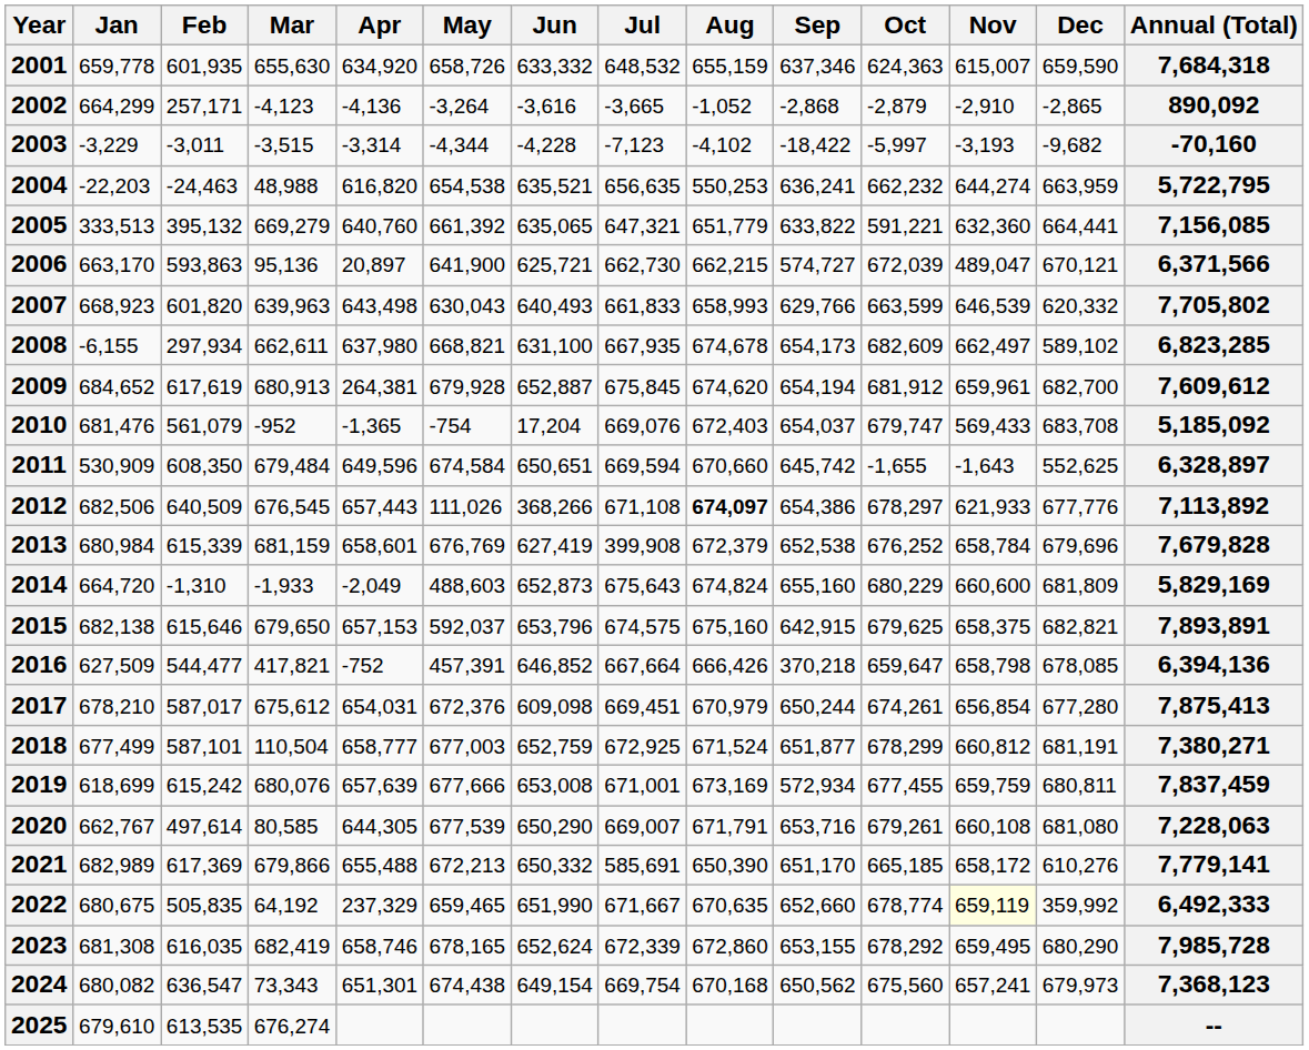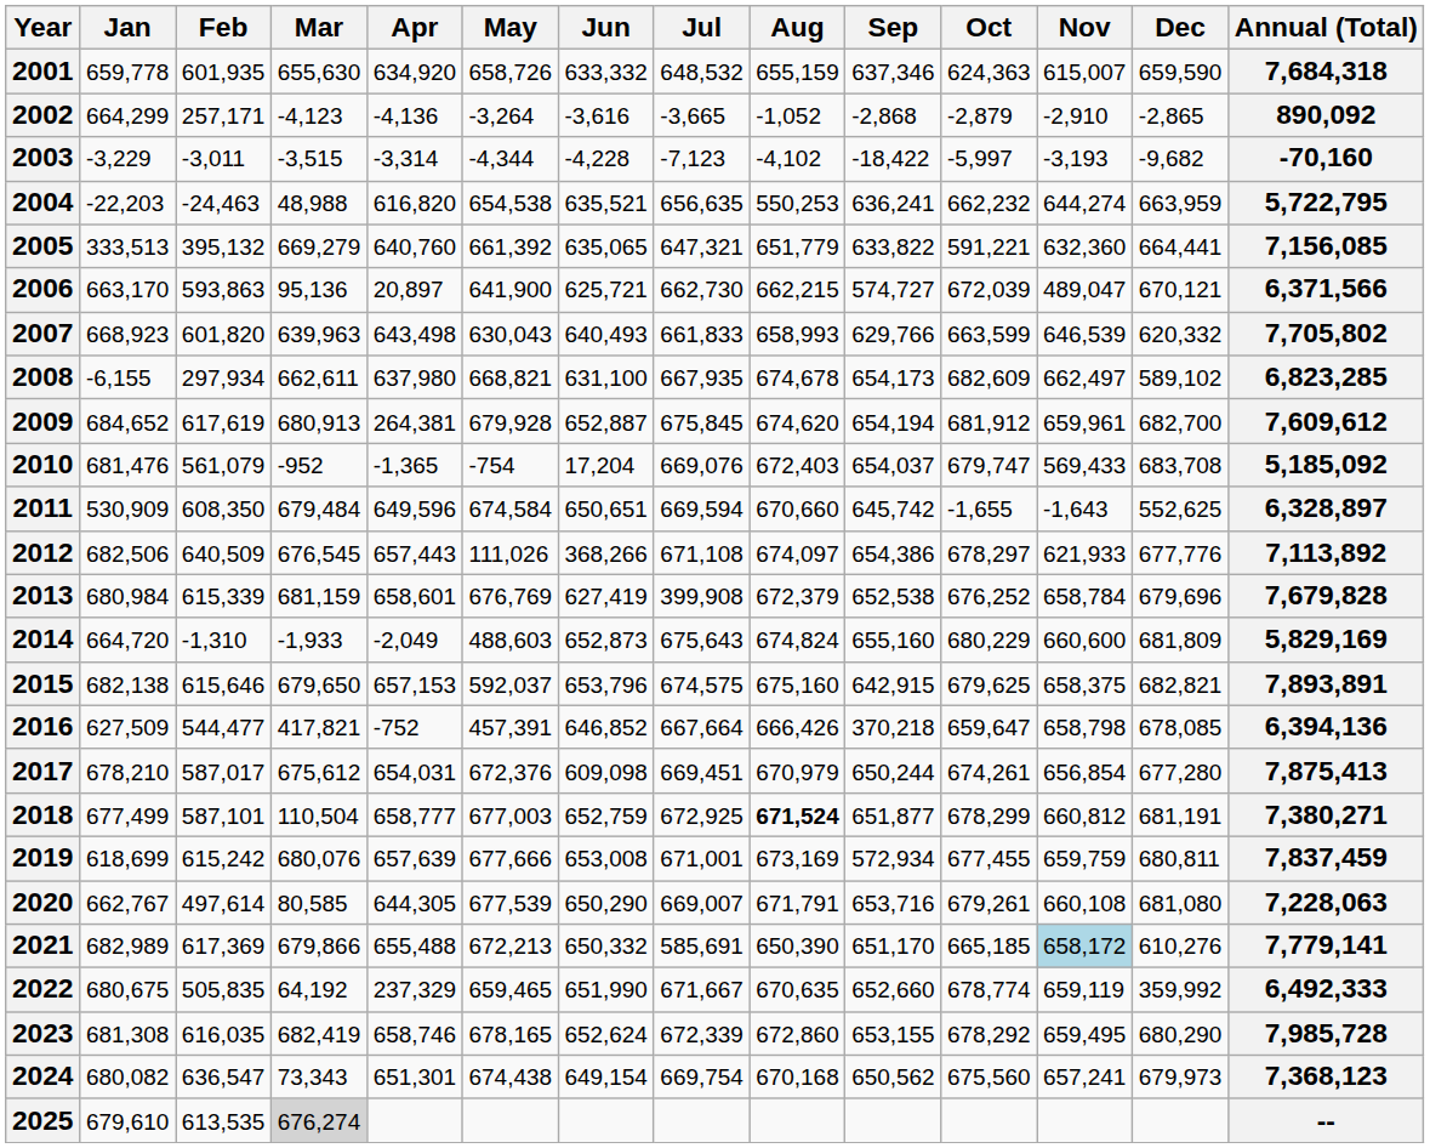 <table class="wikitable">
 <tr>
 <th>Year</th>
 <th>Jan</th>
 <th>Feb</th>
 <th>Mar</th>
 <th>Apr</th>
 <th>May</th>
 <th>Jun</th>
 <th>Jul</th>
 <th>Aug</th>
 <th>Sep</th>
 <th>Oct</th>
 <th>Nov</th>
 <th>Dec</th>
 <th>Annual (Total)</th>
 </tr>
 <tr>
 <th>2001</th>
 <td><small>659,778</small></td>
 <td><small>601,935</small></td>
 <td><small>655,630</small></td>
 <td><small>634,920</small></td>
 <td><small>658,726</small></td>
 <td><small>633,332</small></td>
 <td><small>648,532</small></td>
 <td><small>655,159</small></td>
 <td><small>637,346</small></td>
 <td><small>624,363</small></td>
 <td><small>615,007</small></td>
 <td><small>659,590</small></td>
 <th>7,684,318</th>
 </tr>
 <tr>
 <th>2002</th>
 <td><small>664,299</small></td>
 <td><small>257,171</small></td>
 <td><small>-4,123</small></td>
 <td><small>-4,136</small></td>
 <td><small>-3,264</small></td>
 <td><small>-3,616</small></td>
 <td><small>-3,665</small></td>
 <td><small>-1,052</small></td>
 <td><small>-2,868</small></td>
 <td><small>-2,879</small></td>
 <td><small>-2,910</small></td>
 <td><small>-2,865</small></td>
 <th>890,092</th>
 </tr>
 <tr>
 <th>2003</th>
 <td><small>-3,229</small></td>
 <td><small>-3,011</small></td>
 <td><small>-3,515</small></td>
 <td><small>-3,314</small></td>
 <td><small>-4,344</small></td>
 <td><small>-4,228</small></td>
 <td><small>-7,123</small></td>
 <td><small>-4,102</small></td>
 <td><small>-18,422</small></td>
 <td><small>-5,997</small></td>
 <td><small>-3,193</small></td>
 <td><small>-9,682</small></td>
 <th>-70,160</th>
 </tr>
 <tr>
 <th>2004</th>
 <td><small>-22,203</small></td>
 <td><small>-24,463</small></td>
 <td><small>48,988</small></td>
 <td><small>616,820</small></td>
 <td><small>654,538</small></td>
 <td><small>635,521</small></td>
 <td><small>656,635</small></td>
 <td><small>550,253</small></td>
 <td><small>636,241</small></td>
 <td><small>662,232</small></td>
 <td><small>644,274</small></td>
 <td><small>663,959</small></td>
 <th>5,722,795</th>
 </tr>
 <tr>
 <th>2005</th>
 <td><small>333,513</small></td>
 <td><small>395,132</small></td>
 <td><small>669,279</small></td>
 <td><small>640,760</small></td>
 <td><small>661,392</small></td>
 <td><small>635,065</small></td>
 <td><small>647,321</small></td>
 <td><small>651,779</small></td>
 <td><small>633,822</small></td>
 <td><small>591,221</small></td>
 <td><small>632,360</small></td>
 <td><small>664,441</small></td>
 <th>7,156,085</th>
 </tr>
 <tr>
 <th>2006</th>
 <td><small>663,170</small></td>
 <td><small>593,863</small></td>
 <td><small>95,136</small></td>
 <td><small>20,897</small></td>
 <td><small>641,900</small></td>
 <td><small>625,721</small></td>
 <td><small>662,730</small></td>
 <td><small>662,215</small></td>
 <td><small>574,727</small></td>
 <td><small>672,039</small></td>
 <td><small>489,047</small></td>
 <td><small>670,121</small></td>
 <th>6,371,566</th>
 </tr>
 <tr>
 <th>2007</th>
 <td><small>668,923</small></td>
 <td><small>601,820</small></td>
 <td><small>639,963</small></td>
 <td><small>643,498</small></td>
 <td><small>630,043</small></td>
 <td><small>640,493</small></td>
 <td><small>661,833</small></td>
 <td><small>658,993</small></td>
 <td><small>629,766</small></td>
 <td><small>663,599</small></td>
 <td><small>646,539</small></td>
 <td><small>620,332</small></td>
 <th>7,705,802</th>
 </tr>
 <tr>
 <th>2008</th>
 <td><small>-6,155</small></td>
 <td><small>297,934</small></td>
 <td><small>662,611</small></td>
 <td><small>637,980</small></td>
 <td><small>668,821</small></td>
 <td><small>631,100</small></td>
 <td><small>667,935</small></td>
 <td><small>674,678</small></td>
 <td><small>654,173</small></td>
 <td><small>682,609</small></td>
 <td><small>662,497</small></td>
 <td><small>589,102</small></td>
 <th>6,823,285</th>
 </tr>
 <tr>
 <th>2009</th>
 <td><small>684,652</small></td>
 <td><small>617,619</small></td>
 <td><small>680,913</small></td>
 <td><small>264,381</small></td>
 <td><small>679,928</small></td>
 <td><small>652,887</small></td>
 <td><small>675,845</small></td>
 <td><small>674,620</small></td>
 <td><small>654,194</small></td>
 <td><small>681,912</small></td>
 <td><small>659,961</small></td>
 <td><small>682,700</small></td>
 <th>7,609,612</th>
 </tr>
 <tr>
 <th>2010</th>
 <td><small>681,476</small></td>
 <td><small>561,079</small></td>
 <td><small>-952</small></td>
 <td><small>-1,365</small></td>
 <td><small>-754</small></td>
 <td><small>17,204</small></td>
 <td><small>669,076</small></td>
 <td><small>672,403</small></td>
 <td><small>654,037</small></td>
 <td><small>679,747</small></td>
 <td><small>569,433</small></td>
 <td><small>683,708</small></td>
 <th>5,185,092</th>
 </tr>
 <tr>
 <th>2011</th>
 <td><small>530,909</small></td>
 <td><small>608,350</small></td>
 <td><small>679,484</small></td>
 <td><small>649,596</small></td>
 <td><small>674,584</small></td>
 <td><small>650,651</small></td>
 <td><small>669,594</small></td>
 <td><small>670,660</small></td>
 <td><small>645,742</small></td>
 <td><small>-1,655</small></td>
 <td><small>-1,643</small></td>
 <td><small>552,625</small></td>
 <th>6,328,897</th>
 </tr>
 <tr>
 <th>2012</th>
 <td><small>682,506</small></td>
 <td><small>640,509</small></td>
 <td><small>676,545</small></td>
 <td><small>657,443</small></td>
 <td><small>111,026</small></td>
 <td><small>368,266</small></td>
 <td><small>671,108</small></td>
-<td><strong><small>674,097</small></strong></td>
+<td><small>674,097</small></td>
 <td><small>654,386</small></td>
 <td><small>678,297</small></td>
 <td><small>621,933</small></td>
 <td><small>677,776</small></td>
 <th>7,113,892</th>
 </tr>
 <tr>
 <th>2013</th>
 <td><small>680,984</small></td>
 <td><small>615,339</small></td>
 <td><small>681,159</small></td>
 <td><small>658,601</small></td>
 <td><small>676,769</small></td>
 <td><small>627,419</small></td>
 <td><small>399,908</small></td>
 <td><small>672,379</small></td>
 <td><small>652,538</small></td>
 <td><small>676,252</small></td>
 <td><small>658,784</small></td>
 <td><small>679,696</small></td>
 <th>7,679,828</th>
 </tr>
 <tr>
 <th>2014</th>
 <td><small>664,720</small></td>
 <td><small>-1,310</small></td>
 <td><small>-1,933</small></td>
 <td><small>-2,049</small></td>
 <td><small>488,603</small></td>
 <td><small>652,873</small></td>
 <td><small>675,643</small></td>
 <td><small>674,824</small></td>
 <td><small>655,160</small></td>
 <td><small>680,229</small></td>
 <td><small>660,600</small></td>
 <td><small>681,809</small></td>
 <th>5,829,169</th>
 </tr>
 <tr>
 <th>2015</th>
 <td><small>682,138</small></td>
 <td><small>615,646</small></td>
 <td><small>679,650</small></td>
 <td><small>657,153</small></td>
 <td><small>592,037</small></td>
 <td><small>653,796</small></td>
 <td><small>674,575</small></td>
 <td><small>675,160</small></td>
 <td><small>642,915</small></td>
 <td><small>679,625</small></td>
 <td><small>658,375</small></td>
 <td><small>682,821</small></td>
 <th>7,893,891</th>
 </tr>
 <tr>
 <th>2016</th>
 <td><small>627,509</small></td>
 <td><small>544,477</small></td>
 <td><small>417,821</small></td>
 <td><small>-752</small></td>
 <td><small>457,391</small></td>
 <td><small>646,852</small></td>
 <td><small>667,664</small></td>
 <td><small>666,426</small></td>
 <td><small>370,218</small></td>
 <td><small>659,647</small></td>
 <td><small>658,798</small></td>
 <td><small>678,085</small></td>
 <th>6,394,136</th>
 </tr>
 <tr>
 <th>2017</th>
 <td><small>678,210</small></td>
 <td><small>587,017</small></td>
 <td><small>675,612</small></td>
 <td><small>654,031</small></td>
 <td><small>672,376</small></td>
 <td><small>609,098</small></td>
 <td><small>669,451</small></td>
 <td><small>670,979</small></td>
 <td><small>650,244</small></td>
 <td><small>674,261</small></td>
 <td><small>656,854</small></td>
 <td><small>677,280</small></td>
 <th>7,875,413</th>
 </tr>
 <tr>
 <th>2018</th>
 <td><small>677,499</small></td>
 <td><small>587,101</small></td>
 <td><small>110,504</small></td>
 <td><small>658,777</small></td>
 <td><small>677,003</small></td>
 <td><small>652,759</small></td>
 <td><small>672,925</small></td>
-<td><small>671,524</small></td>
+<td><strong><small>671,524</small></strong></td>
 <td><small>651,877</small></td>
 <td><small>678,299</small></td>
 <td><small>660,812</small></td>
 <td><small>681,191</small></td>
 <th>7,380,271</th>
 </tr>
 <tr>
 <th>2019</th>
 <td><small>618,699</small></td>
 <td><small>615,242</small></td>
 <td><small>680,076</small></td>
 <td><small>657,639</small></td>
 <td><small>677,666</small></td>
 <td><small>653,008</small></td>
 <td><small>671,001</small></td>
 <td><small>673,169</small></td>
 <td><small>572,934</small></td>
 <td><small>677,455</small></td>
 <td><small>659,759</small></td>
 <td><small>680,811</small></td>
 <th>7,837,459</th>
 </tr>
 <tr>
 <th>2020</th>
 <td><small>662,767</small></td>
 <td><small>497,614</small></td>
 <td><small>80,585</small></td>
 <td><small>644,305</small></td>
 <td><small>677,539</small></td>
 <td><small>650,290</small></td>
 <td><small>669,007</small></td>
 <td><small>671,791</small></td>
 <td><small>653,716</small></td>
 <td><small>679,261</small></td>
 <td><small>660,108</small></td>
 <td><small>681,080</small></td>
 <th>7,228,063</th>
 </tr>
 <tr>
 <th>2021</th>
 <td><small>682,989</small></td>
 <td><small>617,369</small></td>
 <td><small>679,866</small></td>
 <td><small>655,488</small></td>
 <td><small>672,213</small></td>
 <td><small>650,332</small></td>
 <td><small>585,691</small></td>
 <td><small>650,390</small></td>
 <td><small>651,170</small></td>
 <td><small>665,185</small></td>
-<td><small>658,172</small></td>
+<td style="background: lightblue;"><small>658,172</small></td>
 <td><small>610,276</small></td>
 <th>7,779,141</th>
 </tr>
 <tr>
 <th>2022</th>
 <td><small>680,675</small></td>
 <td><small>505,835</small></td>
 <td><small>64,192</small></td>
 <td><small>237,329</small></td>
 <td><small>659,465</small></td>
 <td><small>651,990</small></td>
 <td><small>671,667</small></td>
 <td><small>670,635</small></td>
 <td><small>652,660</small></td>
 <td><small>678,774</small></td>
-<td style="background: lightyellow;"><small>659,119</small></td>
+<td><small>659,119</small></td>
 <td><small>359,992</small></td>
 <th>6,492,333</th>
 </tr>
 <tr>
 <th>2023</th>
 <td><small>681,308</small></td>
 <td><small>616,035</small></td>
 <td><small>682,419</small></td>
 <td><small>658,746</small></td>
 <td><small>678,165</small></td>
 <td><small>652,624</small></td>
 <td><small>672,339</small></td>
 <td><small>672,860</small></td>
 <td><small>653,155</small></td>
 <td><small>678,292</small></td>
 <td><small>659,495</small></td>
 <td><small>680,290</small></td>
 <th>7,985,728</th>
 </tr>
 <tr>
 <th>2024</th>
 <td><small>680,082</small></td>
 <td><small>636,547</small></td>
 <td><small>73,343</small></td>
 <td><small>651,301</small></td>
 <td><small>674,438</small></td>
 <td><small>649,154</small></td>
 <td><small>669,754</small></td>
 <td><small>670,168</small></td>
 <td><small>650,562</small></td>
 <td><small>675,560</small></td>
 <td><small>657,241</small></td>
 <td><small>679,973</small></td>
 <th>7,368,123</th>
 </tr>
 <tr>
 <th>2025</th>
 <td><small>679,610</small></td>
 <td><small>613,535</small></td>
-<td><small>676,274</small></td>
+<td style="background: lightgrey;"><small>676,274</small></td>
 <td><small></small></td>
 <td><small></small></td>
 <td><small></small></td>
 <td><small></small></td>
 <td><small></small></td>
 <td><small></small></td>
 <td><small></small></td>
 <td><small></small></td>
 <td><small></small></td>
 <th>--</th>
 </tr>
 <tr>
 </tr>
 </table>
